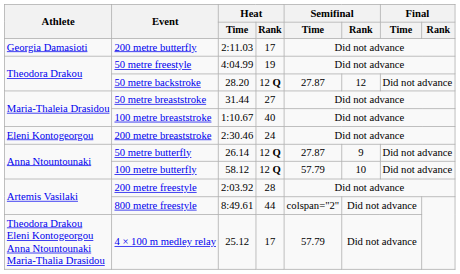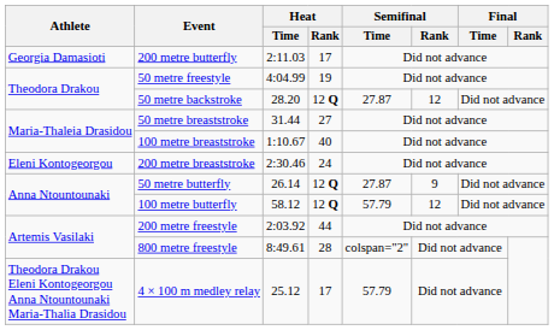 <table class="wikitable" style="text-align:center; font-size:90%">
 <tr>
 <th rowspan="2">Athlete</th>
 <th rowspan="2">Event</th>
 <th colspan="2">Heat</th>
 <th colspan="2">Semifinal</th>
 <th colspan="2">Final</th>
 </tr>
 <tr style="font-size:95%">
 <th>Time</th>
 <th>Rank</th>
 <th>Time</th>
 <th>Rank</th>
 <th>Time</th>
 <th>Rank</th>
 </tr>
 <tr>
 <td align=left><a href='#'>Georgia Damasioti</a></td>
 <td align=left><a href='#'>200 metre butterfly</a></td>
 <td>2:11.03</td>
 <td>17</td>
 <td colspan="4">Did not advance</td>
 </tr>
 <tr>
 <td align=left rowspan=2><a href='#'>Theodora Drakou</a></td>
 <td align=left><a href='#'>50 metre freestyle</a></td>
 <td>4:04.99</td>
 <td>19</td>
 <td colspan=4>Did not advance</td>
 </tr>
 <tr>
 <td align=left><a href='#'>50 metre backstroke</a></td>
 <td>28.20</td>
 <td>12 <strong>Q</strong></td>
 <td>27.87</td>
 <td>12</td>
 <td colspan="2">Did not advance</td>
 </tr>
 <tr>
 <td align=left rowspan=2><a href='#'>Maria-Thaleia Drasidou </a></td>
 <td align=left><a href='#'>50 metre breaststroke</a></td>
 <td>31.44</td>
 <td>27</td>
 <td colspan=4>Did not advance</td>
 </tr>
 <tr>
 <td align=left><a href='#'>100 metre breaststroke</a></td>
 <td>1:10.67</td>
 <td>40</td>
 <td colspan="4">Did not advance</td>
 </tr>
 <tr>
 <td align=left><a href='#'>Eleni Kontogeorgou</a></td>
 <td align=left><a href='#'>200 metre breaststroke</a></td>
 <td>2:30.46</td>
 <td>24</td>
 <td colspan=4>Did not advance</td>
 </tr>
 <tr>
 <td align=left rowspan=2><a href='#'>Anna Ntountounaki</a></td>
 <td align=left><a href='#'>50 metre butterfly</a></td>
 <td>26.14</td>
 <td>12 <strong>Q</strong></td>
 <td>27.87</td>
 <td>9</td>
 <td colspan=2>Did not advance</td>
 </tr>
 <tr>
 <td align=left><a href='#'>100 metre butterfly</a></td>
 <td>58.12</td>
 <td>12 <strong>Q</strong></td>
 <td>57.79</td>
-<td>10</td>
+<td>12</td>
 <td colspan=2>Did not advance</td>
 </tr>
 <tr>
 <td align=left rowspan=2><a href='#'>Artemis Vasilaki</a></td>
 <td align=left><a href='#'>200 metre freestyle</a></td>
 <td>2:03.92</td>
-<td>28</td>
+<td>44</td>
 <td colspan=4>Did not advance</td>
 </tr>
 <tr>
 <td align=left><a href='#'>800 metre freestyle</a></td>
 <td>8:49.61</td>
-<td>44</td>
+<td>28</td>
 <td>colspan="2" </td>
 <td colspan="2">Did not advance</td>
 </tr>
 <tr>
 <td align=left><a href='#'>Theodora Drakou</a>  <br><a href='#'>Eleni Kontogeorgou</a> <br><a href='#'>Anna Ntountounaki</a> <br><a href='#'>Maria-Thalia Drasidou</a></td>
 <td align=left><a href='#'>4 × 100 m medley relay</a></td>
 <td>25.12</td>
 <td>17</td>
 <td>57.79</td>
 <td colspan=2>Did not advance</td>
 </tr>
 </table>
